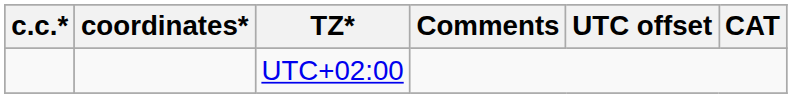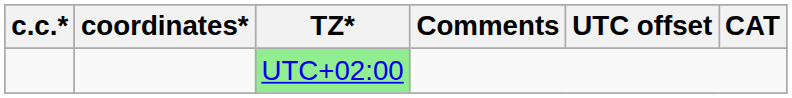 <table class="wikitable sortable">
 <tr>
 <th>c.c.*</th>
 <th>coordinates*</th>
 <th>TZ*</th>
 <th>Comments</th>
 <th>UTC offset</th>
 <th>CAT</th>
 </tr>
 <tr --->
 <td></td>
 <td></td>
-<td><a href='#'>UTC+02:00</a></td>
+<td style="background: lightgreen;"><a href='#'>UTC+02:00</a></td>
 </tr>
 </table>
